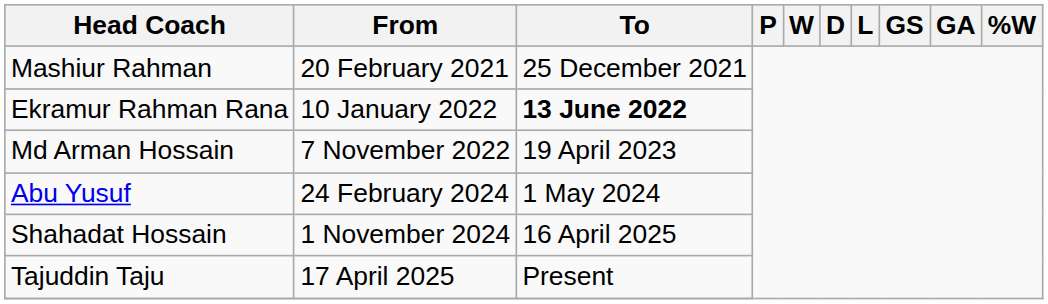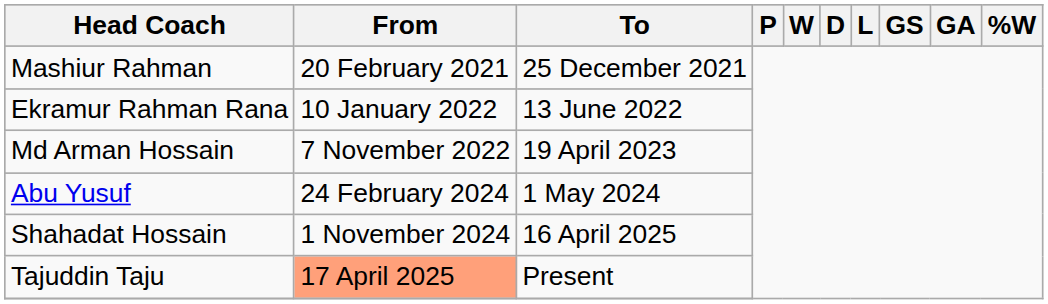 <table class="wikitable sortable" style="text-align:center">
 <tr>
 <th>Head Coach</th>
 <th class="unsortable">From</th>
 <th class="unsortable">To</th>
 <th abbr="1">P</th>
 <th abbr="0">W</th>
 <th abbr="0">D</th>
 <th abbr="1">L</th>
 <th abbr="0">GS</th>
 <th abbr="1">GA</th>
 <th abbr="00">%W</th>
 </tr>
 <tr>
 <td align=left> Mashiur Rahman</td>
 <td align=left>20 February 2021</td>
 <td align=left>25 December 2021<br></td>
 </tr>
 <tr>
 <td align=left> Ekramur Rahman Rana</td>
 <td align=left>10 January  2022</td>
-<td align=left><strong>13 June 2022<br></strong></td>
+<td align=left>13 June 2022<br></td>
 </tr>
 <tr>
 <td align=left> Md Arman Hossain</td>
 <td align=left>7 November 2022</td>
 <td align=left>19 April 2023<br></td>
 </tr>
 <tr>
 <td align=left> <a href='#'>Abu Yusuf</a></td>
 <td align=left>24 February 2024</td>
 <td align=left>1 May 2024<br></td>
 </tr>
 <tr>
 <td align=left> Shahadat Hossain</td>
 <td align=left>1 November 2024</td>
 <td align=left>16 April 2025<br></td>
 </tr>
 <tr>
 <td align=left> Tajuddin Taju</td>
-<td align=left>17 April 2025</td>
+<td align=left style="background: lightsalmon;">17 April 2025</td>
 <td align=left>Present<br></td>
 </tr>
 <tr>
 </tr>
 </table>
